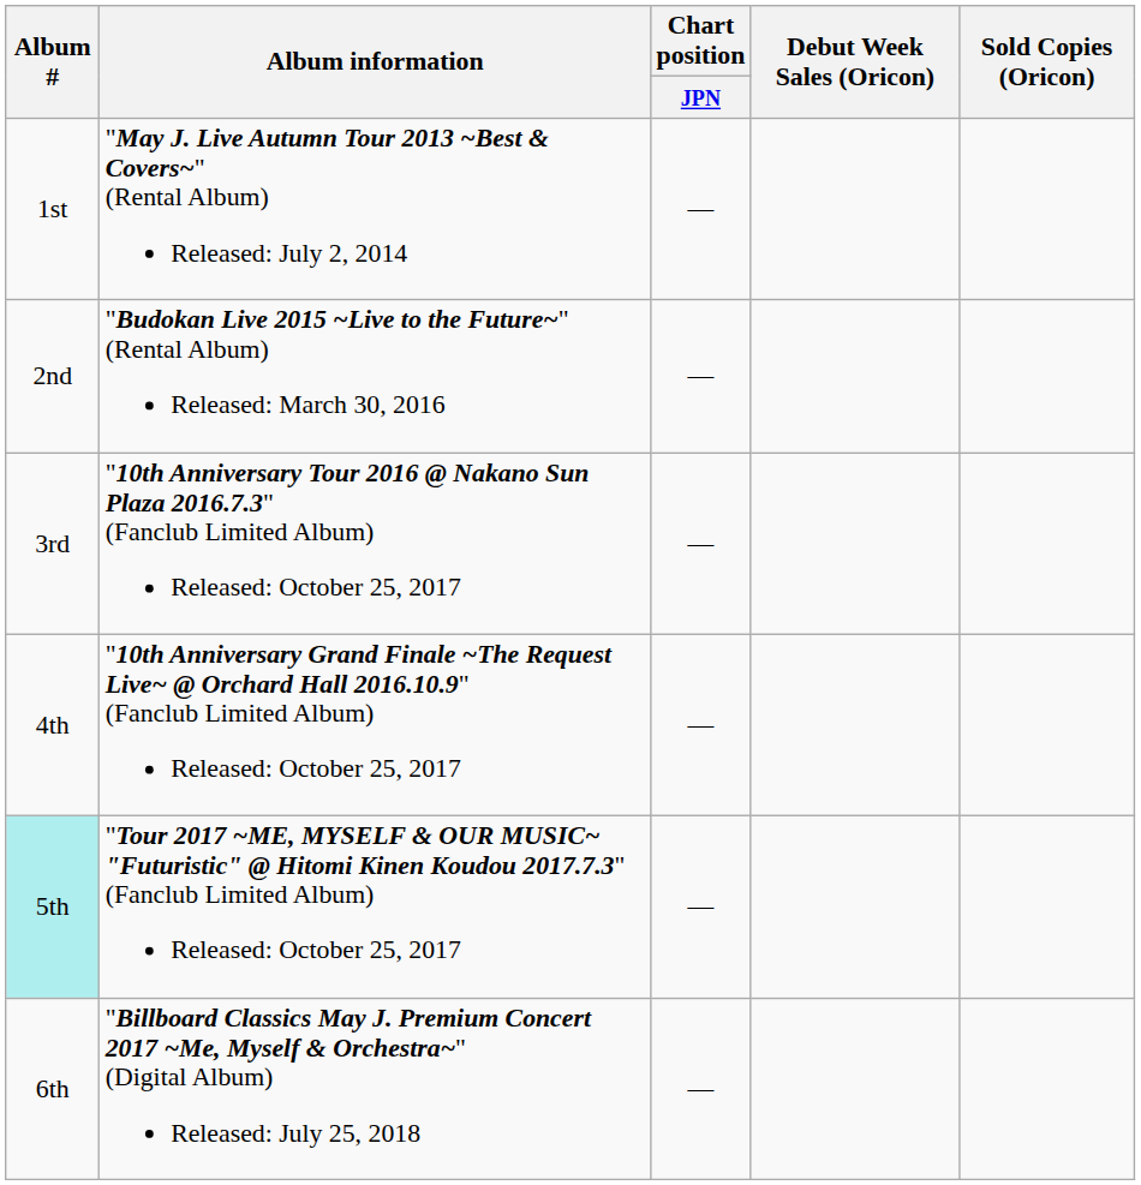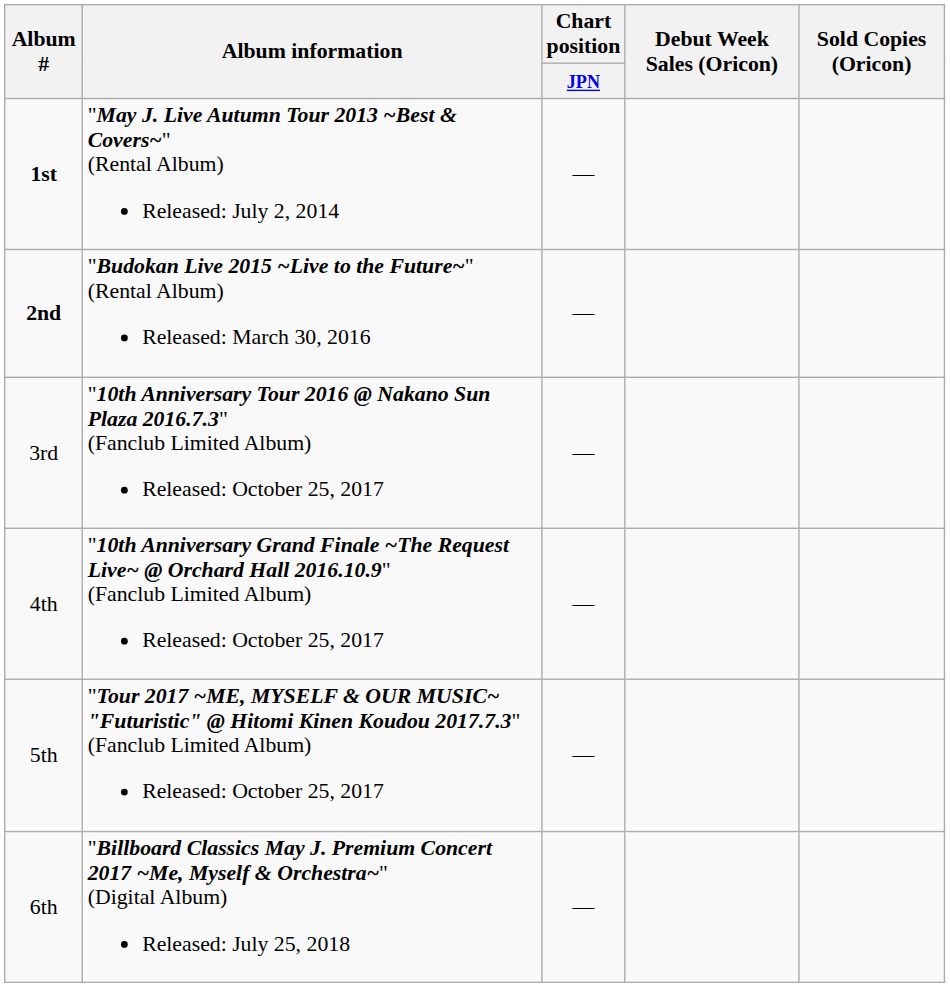 <table class="wikitable">
 <tr>
 <th width="50" rowspan="2">Album #</th>
 <th width="330" rowspan="2">Album information</th>
 <th>Chart position</th>
 <th width="120" rowspan="2">Debut Week Sales (Oricon)</th>
 <th width="100" rowspan="2">Sold Copies (Oricon)</th>
 </tr>
 <tr>
 <th width="30"><small><a href='#'>JPN</a></small></th>
 </tr>
 <tr>
-<td align="center">1st</td>
+<td align="center"><strong>1st</strong></td>
 <td align="left">"<strong><em>May J. Live Autumn Tour 2013 ~Best & Covers~</em></strong>"<br>(Rental Album)<br><ul><li>Released: July 2, 2014</li></ul></td>
 <td align="center">—</td>
 <td align="center"></td>
 <td align="center"></td>
 </tr>
 <tr>
-<td align="center">2nd</td>
+<td align="center"><strong>2nd</strong></td>
 <td align="left">"<strong><em>Budokan Live 2015 ~Live to the Future~</em></strong>"<br>(Rental Album)<br><ul><li>Released: March 30, 2016</li></ul></td>
 <td align="center">—</td>
 <td align="center"></td>
 <td align="center"></td>
 </tr>
 <tr>
 <td align="center">3rd</td>
 <td align="left">"<strong><em>10th Anniversary Tour 2016 @ Nakano Sun Plaza 2016.7.3</em></strong>" <br>(Fanclub Limited Album)<br><ul><li>Released: October 25, 2017</li></ul></td>
 <td align="center">—</td>
 <td align="center"></td>
 <td align="center"></td>
 </tr>
 <tr>
 <td align="center">4th</td>
 <td align="left">"<strong><em>10th Anniversary Grand Finale ~The Request Live~ @ Orchard Hall 2016.10.9</em></strong>" <br>(Fanclub Limited Album)<br><ul><li>Released: October 25, 2017</li></ul></td>
 <td align="center">—</td>
 <td align="center"></td>
 <td align="center"></td>
 </tr>
 <tr>
-<td align="center" style="background: paleturquoise;">5th</td>
+<td align="center">5th</td>
 <td align="left">"<strong><em>Tour 2017 ~ME, MYSELF & OUR MUSIC~ "Futuristic" @ Hitomi Kinen Koudou 2017.7.3</em></strong>" <br>(Fanclub Limited Album)<br><ul><li>Released: October 25, 2017</li></ul></td>
 <td align="center">—</td>
 <td align="center"></td>
 <td align="center"></td>
 </tr>
 <tr>
 <td align="center">6th</td>
 <td align="left">"<strong><em>Billboard Classics May J. Premium Concert 2017 ~Me, Myself & Orchestra~</em></strong>" <br>(Digital Album)<br><ul><li>Released: July 25, 2018</li></ul></td>
 <td align="center">—</td>
 <td align="center"></td>
 <td align="center"></td>
 </tr>
 <tr>
 </tr>
 </table>
